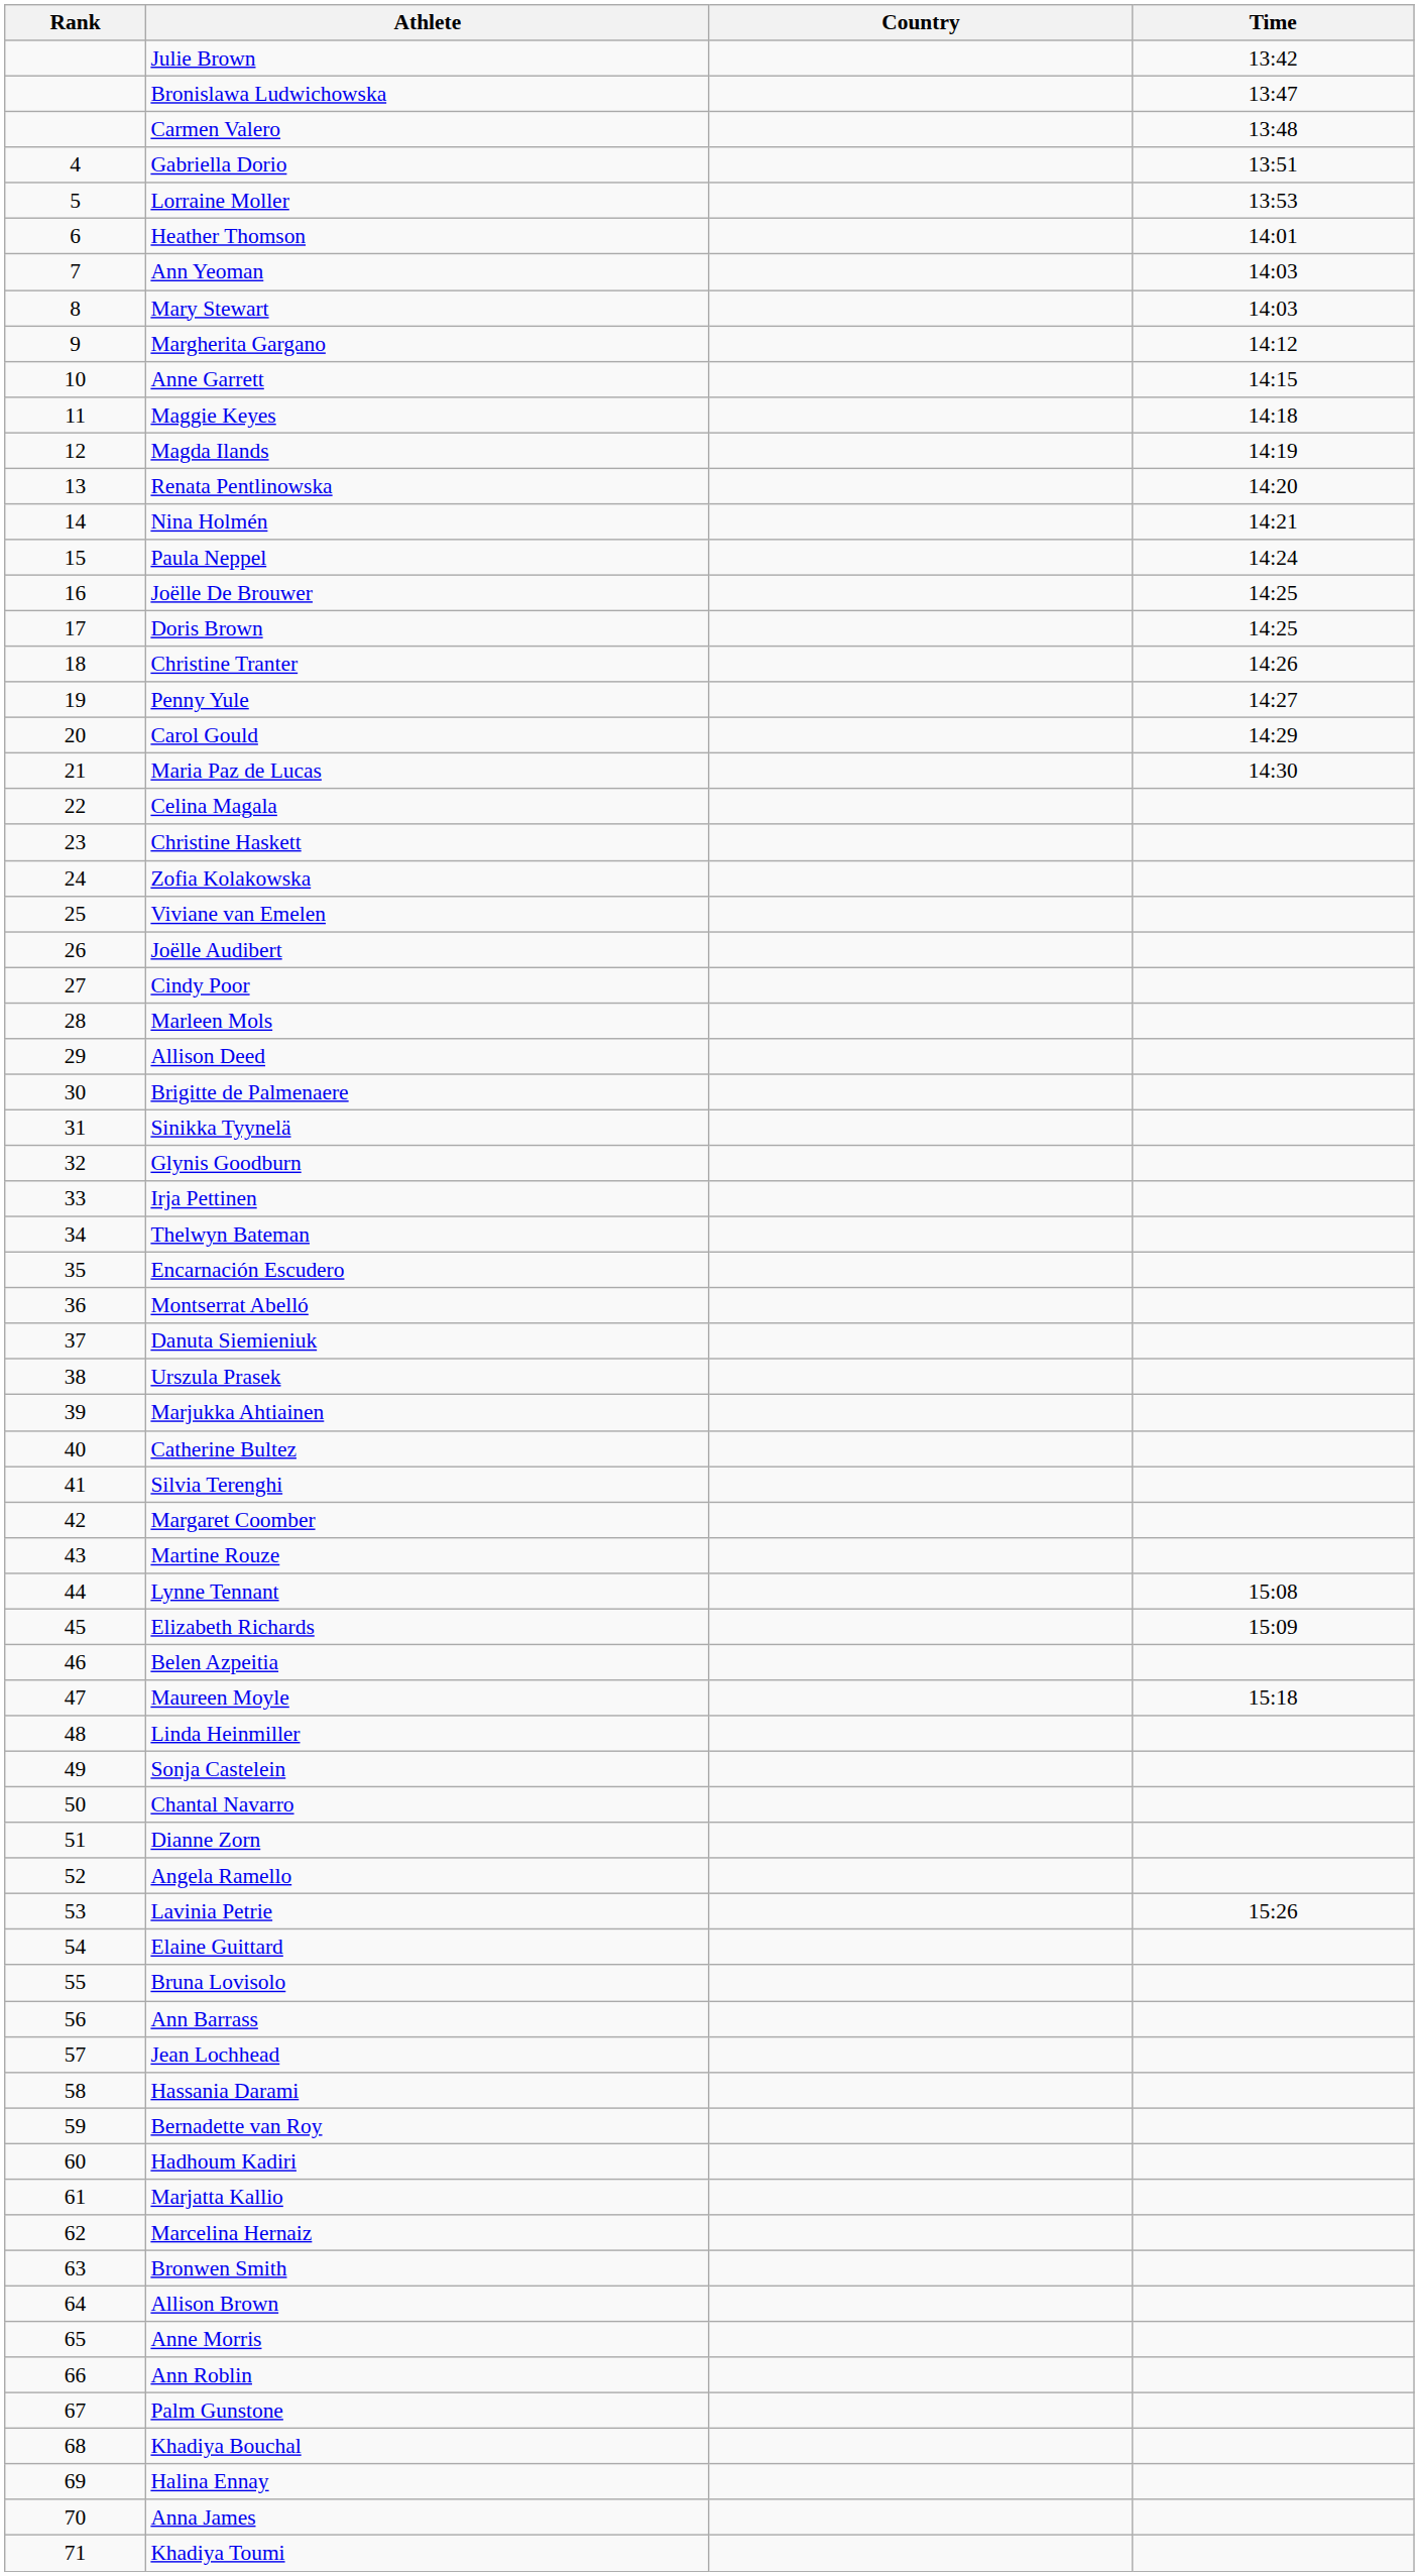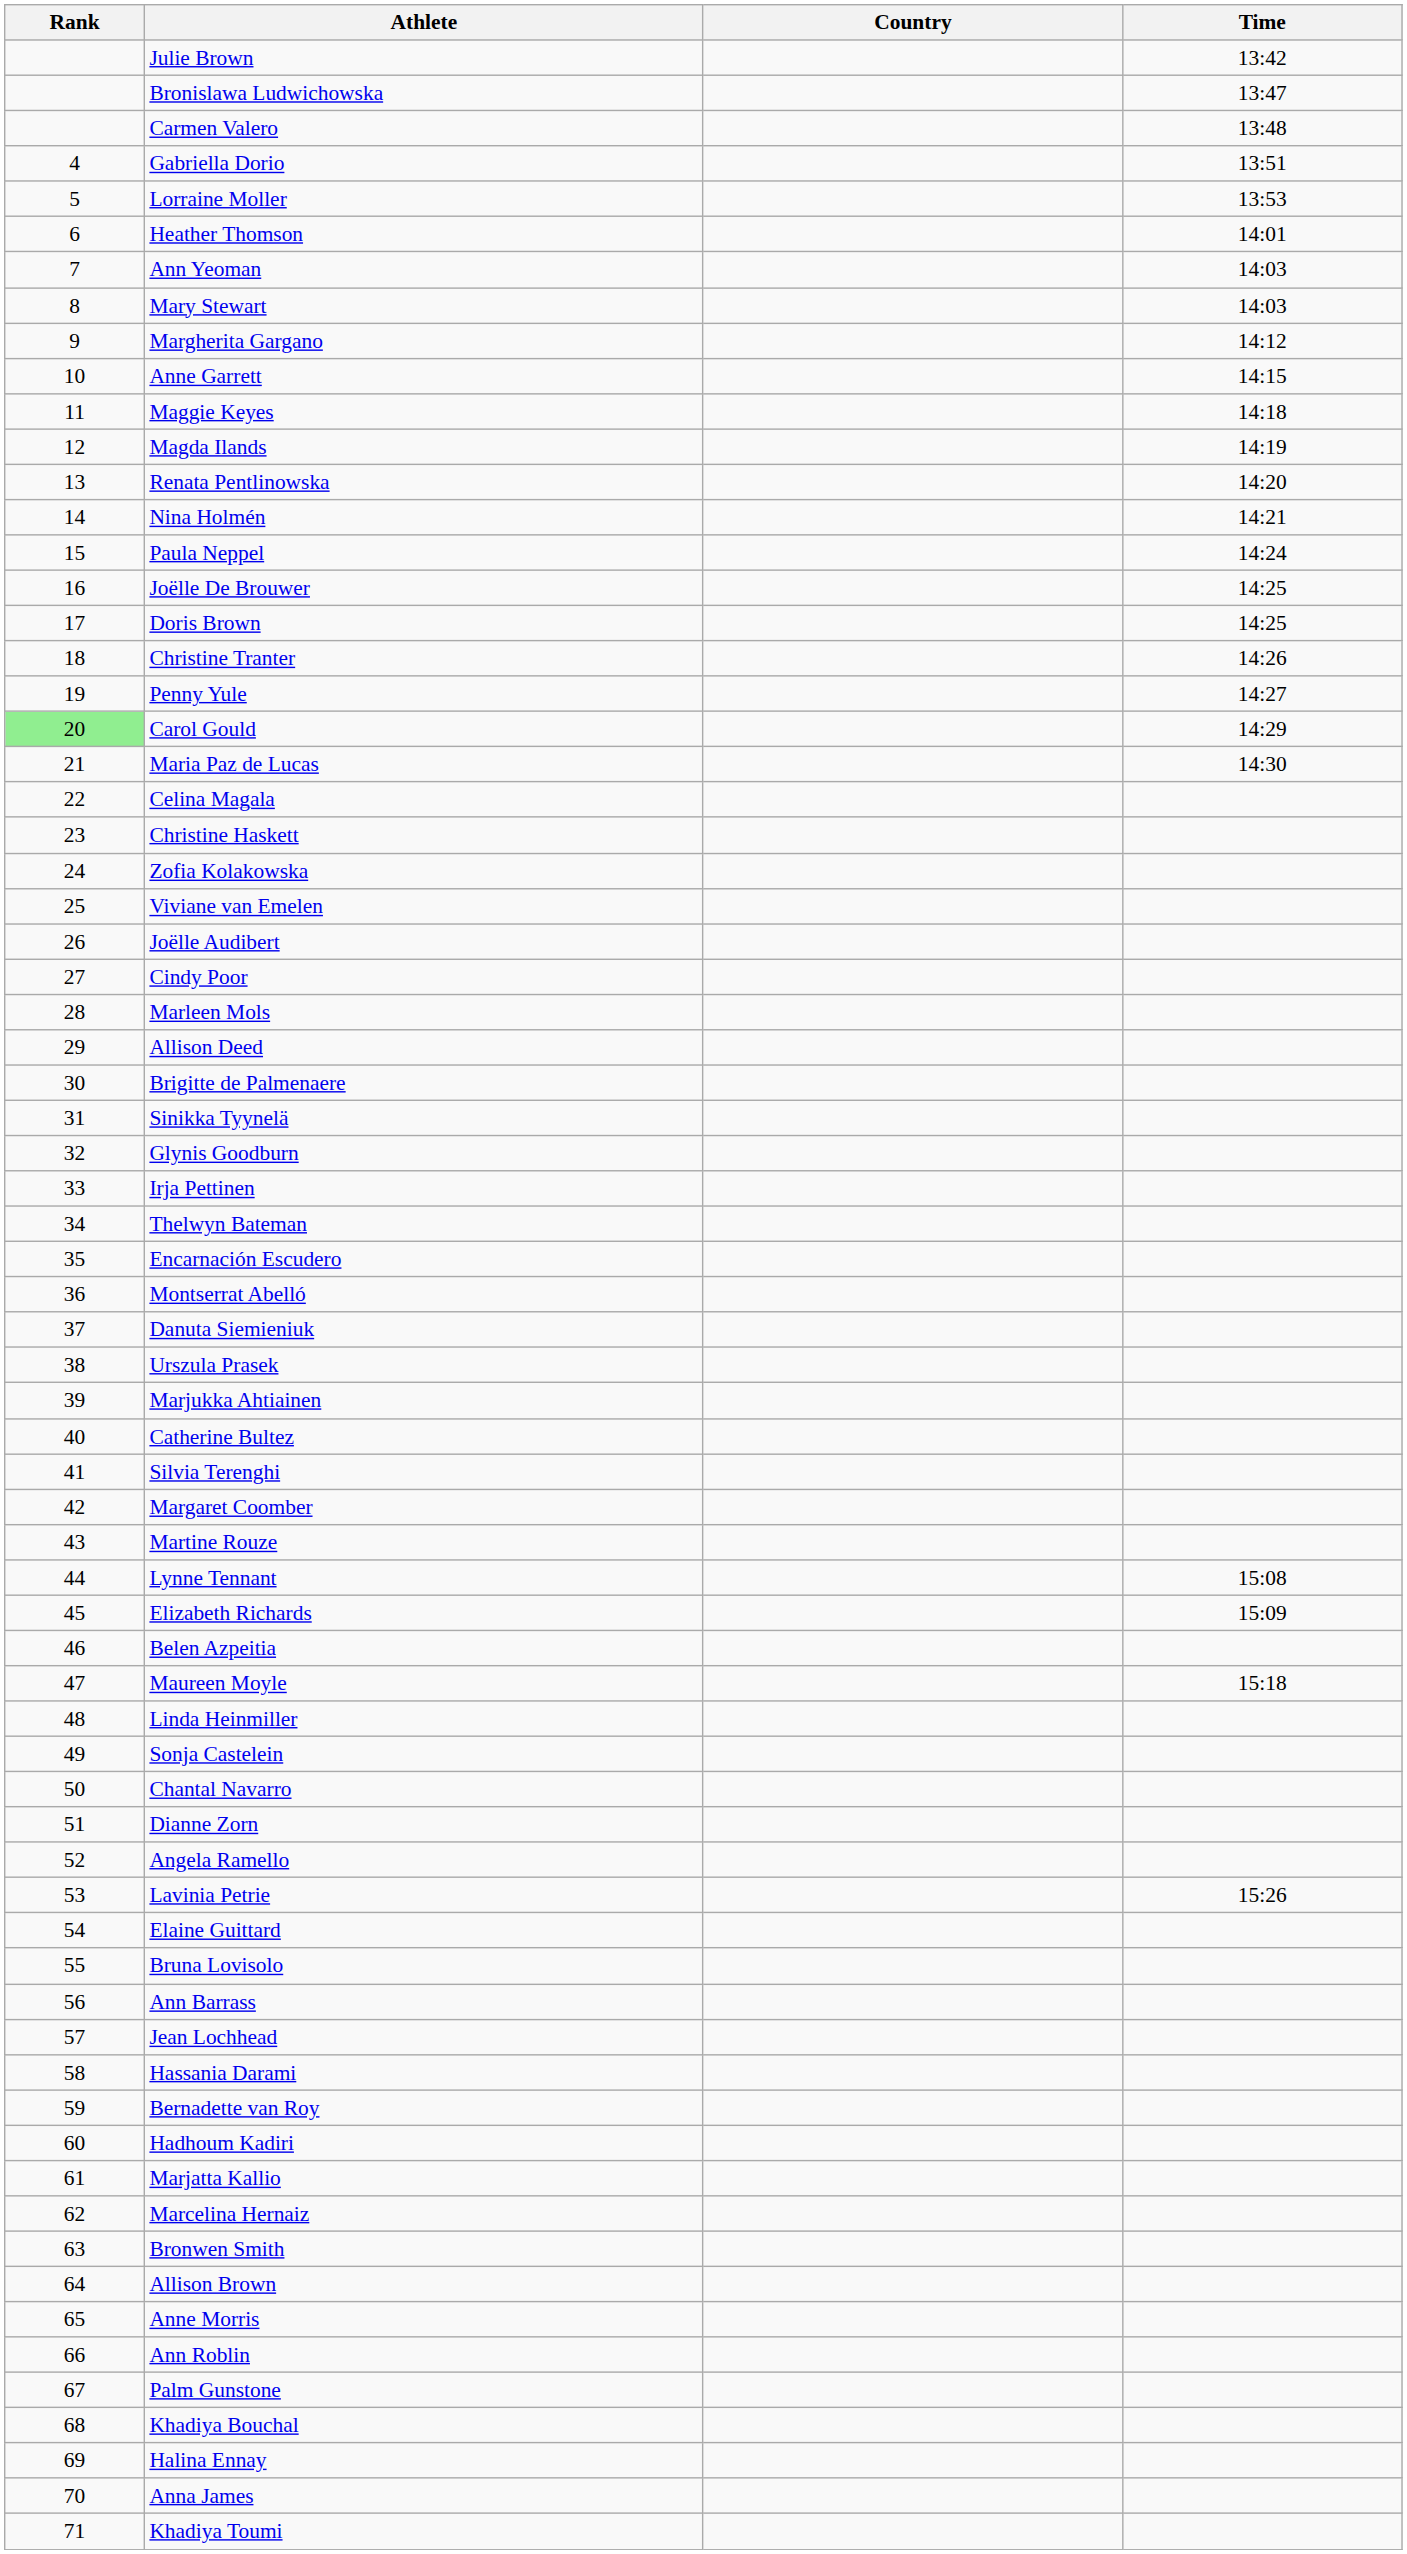 <table class="wikitable sortable" style=" text-align:center; font-size:95%;" width="50%">
 <tr>
 <th width=5%>Rank</th>
 <th width=20%>Athlete</th>
 <th width=15%>Country</th>
 <th width=10%>Time</th>
 </tr>
 <tr>
 <td align=center></td>
 <td align=left><a href='#'>Julie Brown</a></td>
 <td align=left></td>
 <td>13:42</td>
 </tr>
 <tr>
 <td align=center></td>
 <td align=left><a href='#'>Bronislawa Ludwichowska</a></td>
 <td align=left></td>
 <td>13:47</td>
 </tr>
 <tr>
 <td align=center></td>
 <td align=left><a href='#'>Carmen Valero</a></td>
 <td align=left></td>
 <td>13:48</td>
 </tr>
 <tr>
 <td align=center>4</td>
 <td align=left><a href='#'>Gabriella Dorio</a></td>
 <td align=left></td>
 <td>13:51</td>
 </tr>
 <tr>
 <td align=center>5</td>
 <td align=left><a href='#'>Lorraine Moller</a></td>
 <td align=left></td>
 <td>13:53</td>
 </tr>
 <tr>
 <td align=center>6</td>
 <td align=left><a href='#'>Heather Thomson</a></td>
 <td align=left></td>
 <td>14:01</td>
 </tr>
 <tr>
 <td align=center>7</td>
 <td align=left><a href='#'>Ann Yeoman</a></td>
 <td align=left></td>
 <td>14:03</td>
 </tr>
 <tr>
 <td align=center>8</td>
 <td align=left><a href='#'>Mary Stewart</a></td>
 <td align=left></td>
 <td>14:03</td>
 </tr>
 <tr>
 <td align=center>9</td>
 <td align=left><a href='#'>Margherita Gargano</a></td>
 <td align=left></td>
 <td>14:12</td>
 </tr>
 <tr>
 <td align=center>10</td>
 <td align=left><a href='#'>Anne Garrett</a></td>
 <td align=left></td>
 <td>14:15</td>
 </tr>
 <tr>
 <td align=center>11</td>
 <td align=left><a href='#'>Maggie Keyes</a></td>
 <td align=left></td>
 <td>14:18</td>
 </tr>
 <tr>
 <td align=center>12</td>
 <td align=left><a href='#'>Magda Ilands</a></td>
 <td align=left></td>
 <td>14:19</td>
 </tr>
 <tr>
 <td align=center>13</td>
 <td align=left><a href='#'>Renata Pentlinowska</a></td>
 <td align=left></td>
 <td>14:20</td>
 </tr>
 <tr>
 <td align=center>14</td>
 <td align=left><a href='#'>Nina Holmén</a></td>
 <td align=left></td>
 <td>14:21</td>
 </tr>
 <tr>
 <td align=center>15</td>
 <td align=left><a href='#'>Paula Neppel</a></td>
 <td align=left></td>
 <td>14:24</td>
 </tr>
 <tr>
 <td align=center>16</td>
 <td align=left><a href='#'>Joëlle De Brouwer</a></td>
 <td align=left></td>
 <td>14:25</td>
 </tr>
 <tr>
 <td align=center>17</td>
 <td align=left><a href='#'>Doris Brown</a></td>
 <td align=left></td>
 <td>14:25</td>
 </tr>
 <tr>
 <td align=center>18</td>
 <td align=left><a href='#'>Christine Tranter</a></td>
 <td align=left></td>
 <td>14:26</td>
 </tr>
 <tr>
 <td align=center>19</td>
 <td align=left><a href='#'>Penny Yule</a></td>
 <td align=left></td>
 <td>14:27</td>
 </tr>
 <tr>
-<td align=center>20</td>
+<td align=center style="background: lightgreen;">20</td>
 <td align=left><a href='#'>Carol Gould</a></td>
 <td align=left></td>
 <td>14:29</td>
 </tr>
 <tr>
 <td align=center>21</td>
 <td align=left><a href='#'>Maria Paz de Lucas</a></td>
 <td align=left></td>
 <td>14:30</td>
 </tr>
 <tr>
 <td align=center>22</td>
 <td align=left><a href='#'>Celina Magala</a></td>
 <td align=left></td>
 <td></td>
 </tr>
 <tr>
 <td align=center>23</td>
 <td align=left><a href='#'>Christine Haskett</a></td>
 <td align=left></td>
 <td></td>
 </tr>
 <tr>
 <td align=center>24</td>
 <td align=left><a href='#'>Zofia Kolakowska</a></td>
 <td align=left></td>
 <td></td>
 </tr>
 <tr>
 <td align=center>25</td>
 <td align=left><a href='#'>Viviane van Emelen</a></td>
 <td align=left></td>
 <td></td>
 </tr>
 <tr>
 <td align=center>26</td>
 <td align=left><a href='#'>Joëlle Audibert</a></td>
 <td align=left></td>
 <td></td>
 </tr>
 <tr>
 <td align=center>27</td>
 <td align=left><a href='#'>Cindy Poor</a></td>
 <td align=left></td>
 <td></td>
 </tr>
 <tr>
 <td align=center>28</td>
 <td align=left><a href='#'>Marleen Mols</a></td>
 <td align=left></td>
 <td></td>
 </tr>
 <tr>
 <td align=center>29</td>
 <td align=left><a href='#'>Allison Deed</a></td>
 <td align=left></td>
 <td></td>
 </tr>
 <tr>
 <td align=center>30</td>
 <td align=left><a href='#'>Brigitte de Palmenaere</a></td>
 <td align=left></td>
 <td></td>
 </tr>
 <tr>
 <td align=center>31</td>
 <td align=left><a href='#'>Sinikka Tyynelä</a></td>
 <td align=left></td>
 <td></td>
 </tr>
 <tr>
 <td align=center>32</td>
 <td align=left><a href='#'>Glynis Goodburn</a></td>
 <td align=left></td>
 <td></td>
 </tr>
 <tr>
 <td align=center>33</td>
 <td align=left><a href='#'>Irja Pettinen</a></td>
 <td align=left></td>
 <td></td>
 </tr>
 <tr>
 <td align=center>34</td>
 <td align=left><a href='#'>Thelwyn Bateman</a></td>
 <td align=left></td>
 <td></td>
 </tr>
 <tr>
 <td align=center>35</td>
 <td align=left><a href='#'>Encarnación Escudero</a></td>
 <td align=left></td>
 <td></td>
 </tr>
 <tr>
 <td align=center>36</td>
 <td align=left><a href='#'>Montserrat Abelló</a></td>
 <td align=left></td>
 <td></td>
 </tr>
 <tr>
 <td align=center>37</td>
 <td align=left><a href='#'>Danuta Siemieniuk</a></td>
 <td align=left></td>
 <td></td>
 </tr>
 <tr>
 <td align=center>38</td>
 <td align=left><a href='#'>Urszula Prasek</a></td>
 <td align=left></td>
 <td></td>
 </tr>
 <tr>
 <td align=center>39</td>
 <td align=left><a href='#'>Marjukka Ahtiainen</a></td>
 <td align=left></td>
 <td></td>
 </tr>
 <tr>
 <td align=center>40</td>
 <td align=left><a href='#'>Catherine Bultez</a></td>
 <td align=left></td>
 <td></td>
 </tr>
 <tr>
 <td align=center>41</td>
 <td align=left><a href='#'>Silvia Terenghi</a></td>
 <td align=left></td>
 <td></td>
 </tr>
 <tr>
 <td align=center>42</td>
 <td align=left><a href='#'>Margaret Coomber</a></td>
 <td align=left></td>
 <td></td>
 </tr>
 <tr>
 <td align=center>43</td>
 <td align=left><a href='#'>Martine Rouze</a></td>
 <td align=left></td>
 <td></td>
 </tr>
 <tr>
 <td align=center>44</td>
 <td align=left><a href='#'>Lynne Tennant</a></td>
 <td align=left></td>
 <td>15:08</td>
 </tr>
 <tr>
 <td align=center>45</td>
 <td align=left><a href='#'>Elizabeth Richards</a></td>
 <td align=left></td>
 <td>15:09</td>
 </tr>
 <tr>
 <td align=center>46</td>
 <td align=left><a href='#'>Belen Azpeitia</a></td>
 <td align=left></td>
 <td></td>
 </tr>
 <tr>
 <td align=center>47</td>
 <td align=left><a href='#'>Maureen Moyle</a></td>
 <td align=left></td>
 <td>15:18</td>
 </tr>
 <tr>
 <td align=center>48</td>
 <td align=left><a href='#'>Linda Heinmiller</a></td>
 <td align=left></td>
 <td></td>
 </tr>
 <tr>
 <td align=center>49</td>
 <td align=left><a href='#'>Sonja Castelein</a></td>
 <td align=left></td>
 <td></td>
 </tr>
 <tr>
 <td align=center>50</td>
 <td align=left><a href='#'>Chantal Navarro</a></td>
 <td align=left></td>
 <td></td>
 </tr>
 <tr>
 <td align=center>51</td>
 <td align=left><a href='#'>Dianne Zorn</a></td>
 <td align=left></td>
 <td></td>
 </tr>
 <tr>
 <td align=center>52</td>
 <td align=left><a href='#'>Angela Ramello</a></td>
 <td align=left></td>
 <td></td>
 </tr>
 <tr>
 <td align=center>53</td>
 <td align=left><a href='#'>Lavinia Petrie</a></td>
 <td align=left></td>
 <td>15:26</td>
 </tr>
 <tr>
 <td align=center>54</td>
 <td align=left><a href='#'>Elaine Guittard</a></td>
 <td align=left></td>
 <td></td>
 </tr>
 <tr>
 <td align=center>55</td>
 <td align=left><a href='#'>Bruna Lovisolo</a></td>
 <td align=left></td>
 <td></td>
 </tr>
 <tr>
 <td align=center>56</td>
 <td align=left><a href='#'>Ann Barrass</a></td>
 <td align=left></td>
 <td></td>
 </tr>
 <tr>
 <td align=center>57</td>
 <td align=left><a href='#'>Jean Lochhead</a></td>
 <td align=left></td>
 <td></td>
 </tr>
 <tr>
 <td align=center>58</td>
 <td align=left><a href='#'>Hassania Darami</a></td>
 <td align=left></td>
 <td></td>
 </tr>
 <tr>
 <td align=center>59</td>
 <td align=left><a href='#'>Bernadette van Roy</a></td>
 <td align=left></td>
 <td></td>
 </tr>
 <tr>
 <td align=center>60</td>
 <td align=left><a href='#'>Hadhoum Kadiri</a></td>
 <td align=left></td>
 <td></td>
 </tr>
 <tr>
 <td align=center>61</td>
 <td align=left><a href='#'>Marjatta Kallio</a></td>
 <td align=left></td>
 <td></td>
 </tr>
 <tr>
 <td align=center>62</td>
 <td align=left><a href='#'>Marcelina Hernaiz</a></td>
 <td align=left></td>
 <td></td>
 </tr>
 <tr>
 <td align=center>63</td>
 <td align=left><a href='#'>Bronwen Smith</a></td>
 <td align=left></td>
 <td></td>
 </tr>
 <tr>
 <td align=center>64</td>
 <td align=left><a href='#'>Allison Brown</a></td>
 <td align=left></td>
 <td></td>
 </tr>
 <tr>
 <td align=center>65</td>
 <td align=left><a href='#'>Anne Morris</a></td>
 <td align=left></td>
 <td></td>
 </tr>
 <tr>
 <td align=center>66</td>
 <td align=left><a href='#'>Ann Roblin</a></td>
 <td align=left></td>
 <td></td>
 </tr>
 <tr>
 <td align=center>67</td>
 <td align=left><a href='#'>Palm Gunstone</a></td>
 <td align=left></td>
 <td></td>
 </tr>
 <tr>
 <td align=center>68</td>
 <td align=left><a href='#'>Khadiya Bouchal</a></td>
 <td align=left></td>
 <td></td>
 </tr>
 <tr>
 <td align=center>69</td>
 <td align=left><a href='#'>Halina Ennay</a></td>
 <td align=left></td>
 <td></td>
 </tr>
 <tr>
 <td align=center>70</td>
 <td align=left><a href='#'>Anna James</a></td>
 <td align=left></td>
 <td></td>
 </tr>
 <tr>
 <td align=center>71</td>
 <td align=left><a href='#'>Khadiya Toumi</a></td>
 <td align=left></td>
 <td></td>
 </tr>
 </table>
